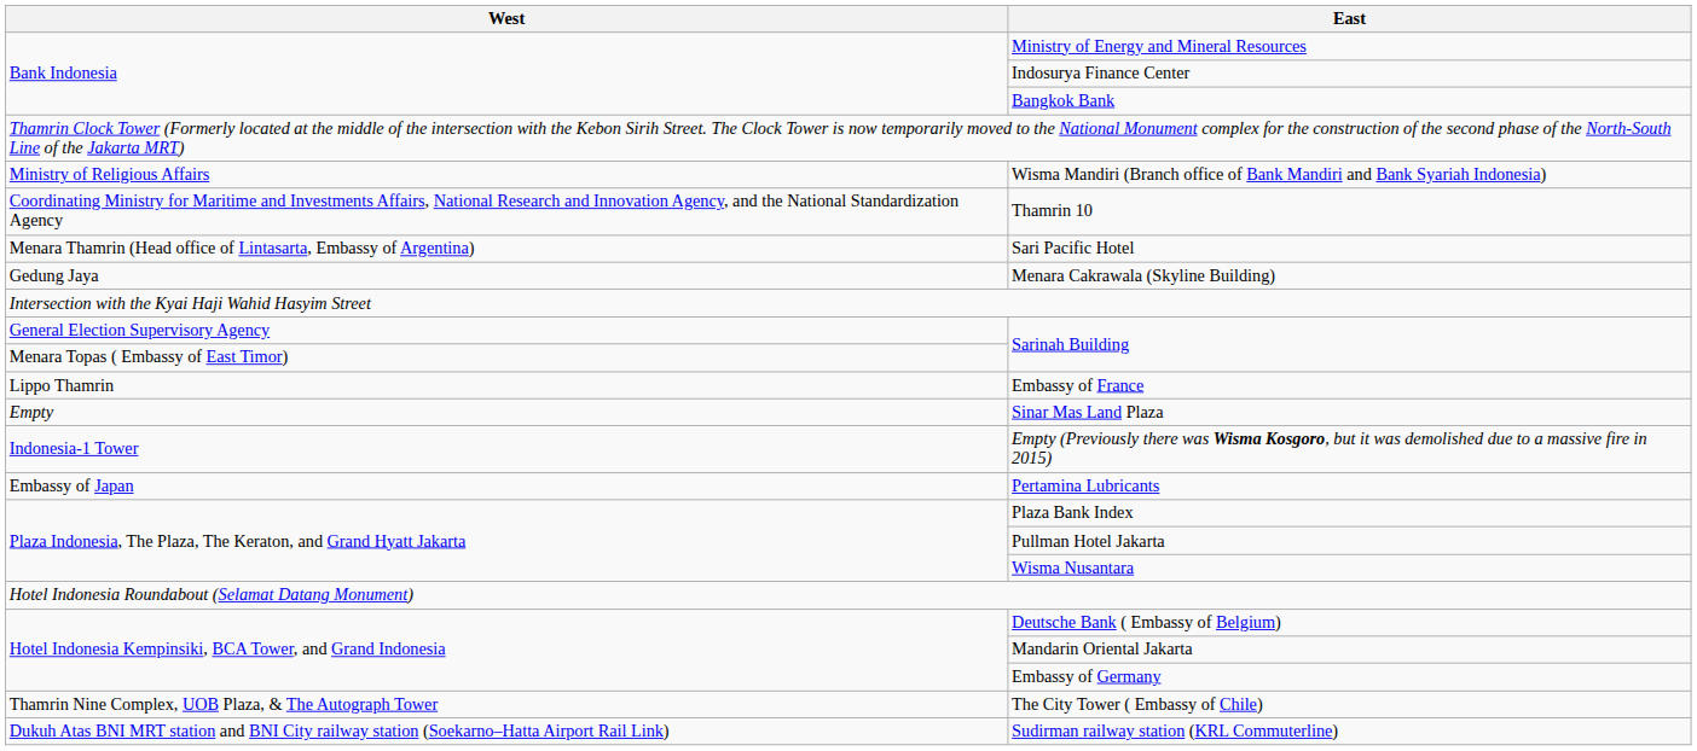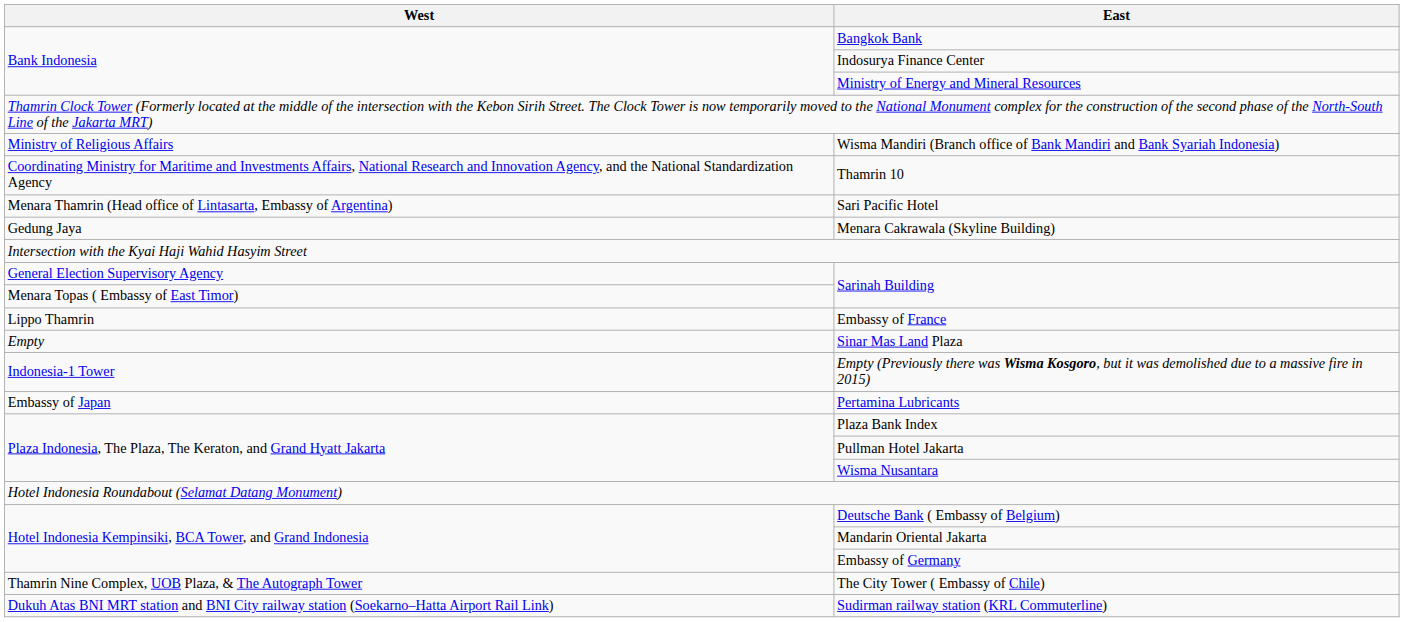 <table class="wikitable">
 <tr>
 <th>West</th>
 <th>East</th>
 </tr>
 <tr>
 <td rowspan="3"><a href='#'>Bank Indonesia</a></td>
-<td><a href='#'>Ministry of Energy and Mineral Resources</a></td>
+<td><a href='#'>Bangkok Bank</a></td>
 </tr>
 <tr>
 <td>Indosurya Finance Center</td>
 </tr>
 <tr>
-<td><a href='#'>Bangkok Bank</a></td>
+<td><a href='#'>Ministry of Energy and Mineral Resources</a></td>
 </tr>
 <tr>
 <td colspan="2"><em><a href='#'>Thamrin Clock Tower</a> (Formerly located at the middle of the intersection with the Kebon Sirih Street. The Clock Tower is now temporarily moved to the <a href='#'>National Monument</a> complex for the construction of the second phase of the <a href='#'>North-South Line</a> of the <a href='#'>Jakarta MRT</a>)</em></td>
 </tr>
 <tr>
 <td rowspan="2"><a href='#'>Ministry of Religious Affairs</a></td>
 <td>Wisma Mandiri (Branch office of <a href='#'>Bank Mandiri</a> and <a href='#'>Bank Syariah Indonesia</a>)</td>
 </tr>
 <tr>
 <td rowspan="2">Thamrin 10</td>
 </tr>
 <tr>
 <td><a href='#'>Coordinating Ministry for Maritime and Investments Affairs</a>, <a href='#'>National Research and Innovation Agency</a>, and the National Standardization Agency</td>
 </tr>
 <tr>
 <td>Menara Thamrin (Head office of <a href='#'>Lintasarta</a>,  Embassy of <a href='#'>Argentina</a>)</td>
 <td>Sari Pacific Hotel</td>
 </tr>
 <tr>
 <td>Gedung Jaya</td>
 <td>Menara Cakrawala (Skyline Building)</td>
 </tr>
 <tr>
 <td colspan="2"><em>Intersection with the Kyai Haji Wahid Hasyim Street</em></td>
 </tr>
 <tr>
 <td><a href='#'>General Election Supervisory Agency</a></td>
 <td rowspan="2"><a href='#'>Sarinah Building</a></td>
 </tr>
 <tr>
 <td>Menara Topas ( Embassy of <a href='#'>East Timor</a>)</td>
 </tr>
 <tr>
 <td>Lippo Thamrin</td>
 <td> Embassy of <a href='#'>France</a></td>
 </tr>
 <tr>
 <td><em>Empty</em></td>
 <td><a href='#'>Sinar Mas Land</a> Plaza</td>
 </tr>
 <tr>
 <td><a href='#'>Indonesia-1 Tower</a></td>
 <td><em>Empty (Previously there was <strong>Wisma Kosgoro</strong>, but it was demolished due to a massive fire in 2015)</em></td>
 </tr>
 <tr>
 <td> Embassy of <a href='#'>Japan</a></td>
 <td><a href='#'>Pertamina Lubricants</a></td>
 </tr>
 <tr>
 <td rowspan="3"><a href='#'>Plaza Indonesia</a>, The Plaza, The Keraton, and <a href='#'>Grand Hyatt Jakarta</a></td>
 <td>Plaza Bank Index</td>
 </tr>
 <tr>
 <td>Pullman Hotel Jakarta</td>
 </tr>
 <tr>
 <td><a href='#'>Wisma Nusantara</a></td>
 </tr>
 <tr>
 <td colspan="2"><em>Hotel Indonesia Roundabout (<a href='#'>Selamat Datang Monument</a>)</em></td>
 </tr>
 <tr>
 <td rowspan="3"><a href='#'>Hotel Indonesia Kempinsiki</a>, <a href='#'>BCA Tower</a>, and <a href='#'>Grand Indonesia</a></td>
 <td><a href='#'>Deutsche Bank</a> ( Embassy of <a href='#'>Belgium</a>)</td>
 </tr>
 <tr>
 <td>Mandarin Oriental Jakarta</td>
 </tr>
 <tr>
 <td> Embassy of <a href='#'>Germany</a></td>
 </tr>
 <tr>
 <td>Thamrin Nine Complex, <a href='#'>UOB</a> Plaza, & <a href='#'>The Autograph Tower</a></td>
 <td>The City Tower ( Embassy of <a href='#'>Chile</a>)</td>
 </tr>
 <tr>
 <td><a href='#'>Dukuh Atas BNI MRT station</a> and <a href='#'>BNI City railway station</a> (<a href='#'>Soekarno–Hatta Airport Rail Link</a>)</td>
 <td><a href='#'>Sudirman railway station</a> (<a href='#'>KRL Commuterline</a>)</td>
 </tr>
 </table>
